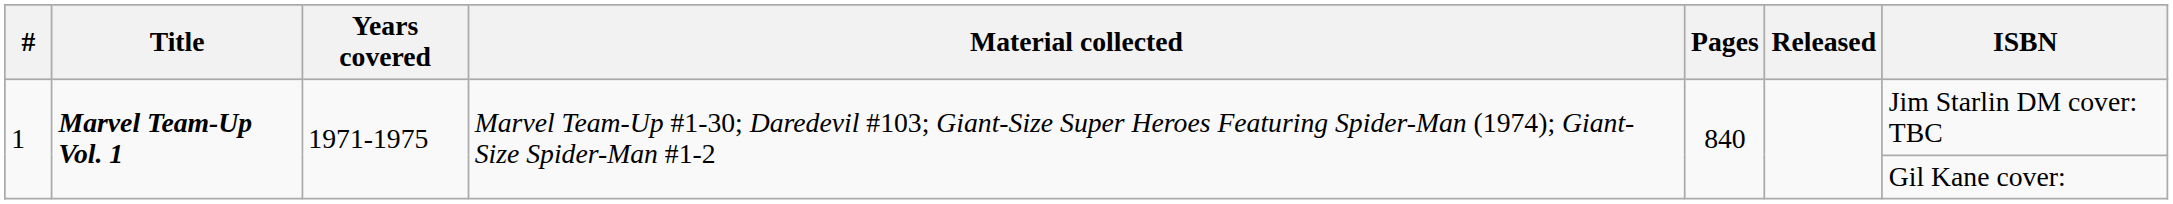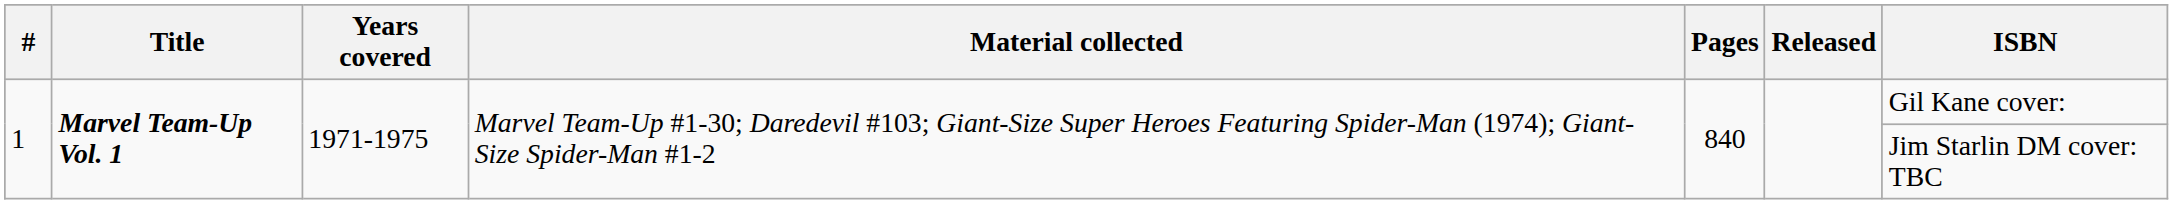 <table class="wikitable sortable" width=99%>
 <tr>
 <th class="unsortable" width=20px>#</th>
 <th>Title</th>
 <th>Years covered</th>
 <th class="unsortable">Material collected</th>
 <th>Pages</th>
 <th>Released</th>
 <th class="unsortable">ISBN</th>
 </tr>
 <tr>
 <td rowspan=2>1</td>
 <td rowspan=2><strong><em>Marvel Team-Up Vol. 1</em></strong></td>
 <td rowspan=2>1971-1975</td>
 <td rowspan=2><em>Marvel Team-Up</em> #1-30; <em>Daredevil</em> #103; <em>Giant-Size Super Heroes Featuring Spider-Man</em> (1974); <em>Giant-Size Spider-Man</em> #1-2</td>
 <td style="text-align: center;" rowspan=2>840</td>
 <td rowspan=2></td>
+<td>Gil Kane cover: </td>
+</tr>
+<tr>
 <td>Jim Starlin DM cover: TBC</td>
 </tr>
-<tr>
-<td>Gil Kane cover: </td>
-</tr>
 </table>
